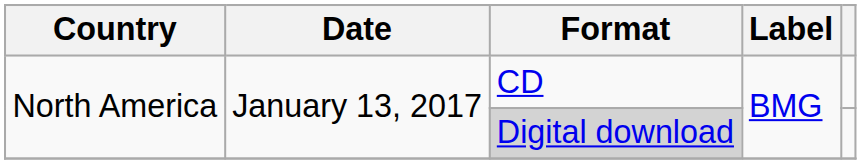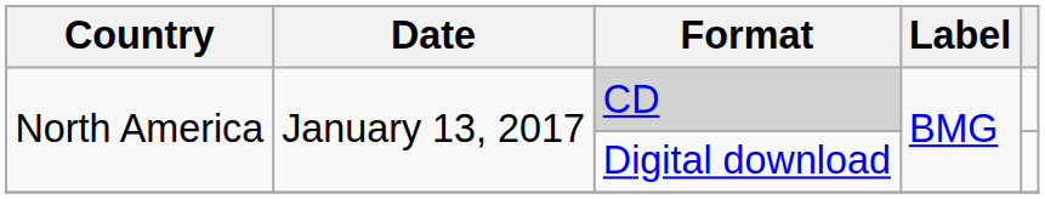 <table class="wikitable">
 <tr>
 <th>Country</th>
 <th>Date</th>
 <th>Format</th>
 <th>Label</th>
 <th></th>
 </tr>
 <tr>
 <td rowspan="2">North America</td>
 <td rowspan="2">January 13, 2017</td>
-<td><a href='#'>CD</a></td>
+<td style="background: lightgrey;"><a href='#'>CD</a></td>
 <td rowspan="2"><a href='#'>BMG</a></td>
 <td></td>
 </tr>
 <tr>
-<td style="background: lightgrey;"><a href='#'>Digital download</a></td>
+<td><a href='#'>Digital download</a></td>
 <td></td>
 </tr>
 <tr>
 </tr>
 </table>
